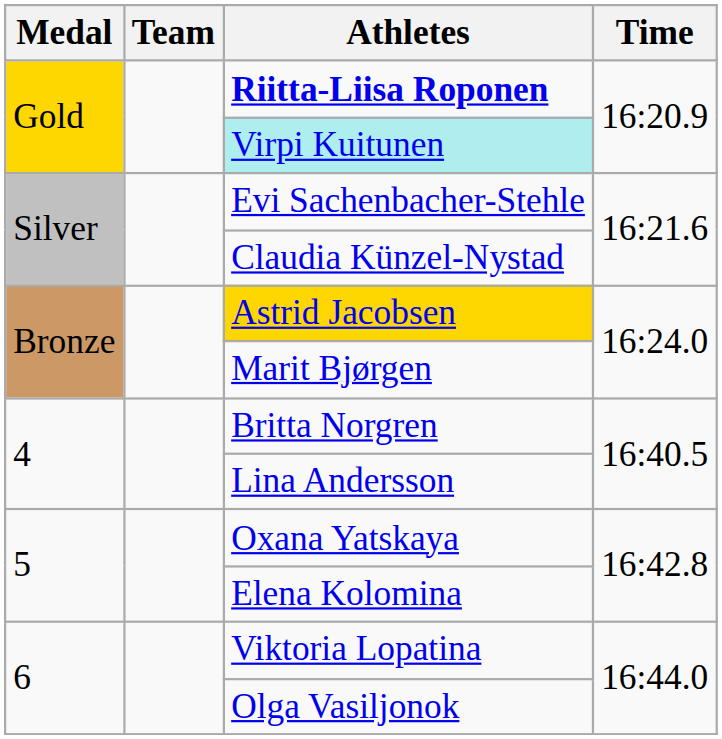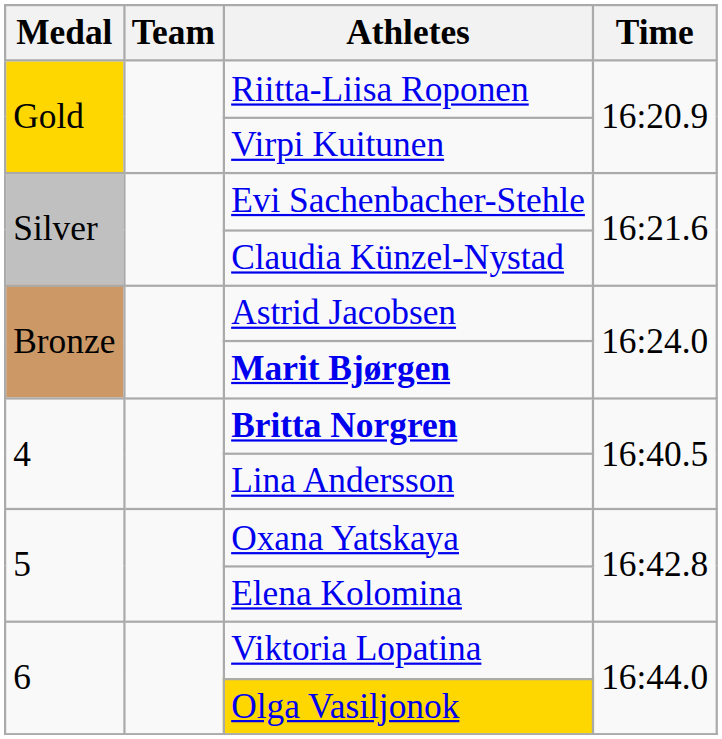 <table class="wikitable">
 <tr>
 <th align=left>Medal</th>
 <th>Team</th>
 <th>Athletes</th>
 <th align=Center>Time</th>
 </tr>
 <tr>
 <td bgcolor="gold" align=left rowspan="2">Gold</td>
 <td align=left rowspan="2"></td>
-<td align=left><strong><a href='#'>Riitta-Liisa Roponen</a></strong></td>
+<td align=left><a href='#'>Riitta-Liisa Roponen</a></td>
 <td align=center rowspan="2">16:20.9</td>
 </tr>
 <tr>
-<td align=left style="background: paleturquoise;"><a href='#'>Virpi Kuitunen</a></td>
+<td align=left><a href='#'>Virpi Kuitunen</a></td>
 </tr>
 <tr>
 <td bgcolor="silver" align=left rowspan="2">Silver</td>
 <td align=left rowspan="2"></td>
 <td align=left><a href='#'>Evi Sachenbacher-Stehle</a></td>
 <td align=center rowspan="2">16:21.6</td>
 </tr>
 <tr>
 <td align=left><a href='#'>Claudia Künzel-Nystad</a></td>
 </tr>
 <tr>
 <td bgcolor="CC9966" align=left rowspan="2">Bronze</td>
 <td align=left rowspan="2"></td>
-<td align=left style="background: gold;"><a href='#'>Astrid Jacobsen</a></td>
+<td align=left><a href='#'>Astrid Jacobsen</a></td>
 <td align=center rowspan="2">16:24.0</td>
 </tr>
 <tr>
-<td align=left><a href='#'>Marit Bjørgen</a></td>
+<td align=left><strong><a href='#'>Marit Bjørgen</a></strong></td>
 </tr>
 <tr>
 <td align=left rowspan="2">4</td>
 <td align=left rowspan="2"></td>
-<td align=left><a href='#'>Britta Norgren</a></td>
+<td align=left><strong><a href='#'>Britta Norgren</a></strong></td>
 <td align=center rowspan="2">16:40.5</td>
 </tr>
 <tr>
 <td align=left><a href='#'>Lina Andersson</a></td>
 </tr>
 <tr>
 <td align=left rowspan="2">5</td>
 <td align=left rowspan="2"></td>
 <td align=left><a href='#'>Oxana Yatskaya</a></td>
 <td align=center rowspan="2">16:42.8</td>
 </tr>
 <tr>
 <td align=left><a href='#'>Elena Kolomina</a></td>
 </tr>
 <tr>
 <td align=left rowspan="2">6</td>
 <td align=left rowspan="2"></td>
 <td align=left><a href='#'>Viktoria Lopatina</a></td>
 <td align=center rowspan="2">16:44.0</td>
 </tr>
 <tr>
-<td align=left><a href='#'>Olga Vasiljonok</a></td>
+<td align=left style="background: gold;"><a href='#'>Olga Vasiljonok</a></td>
 </tr>
 <tr>
 </tr>
 </table>
